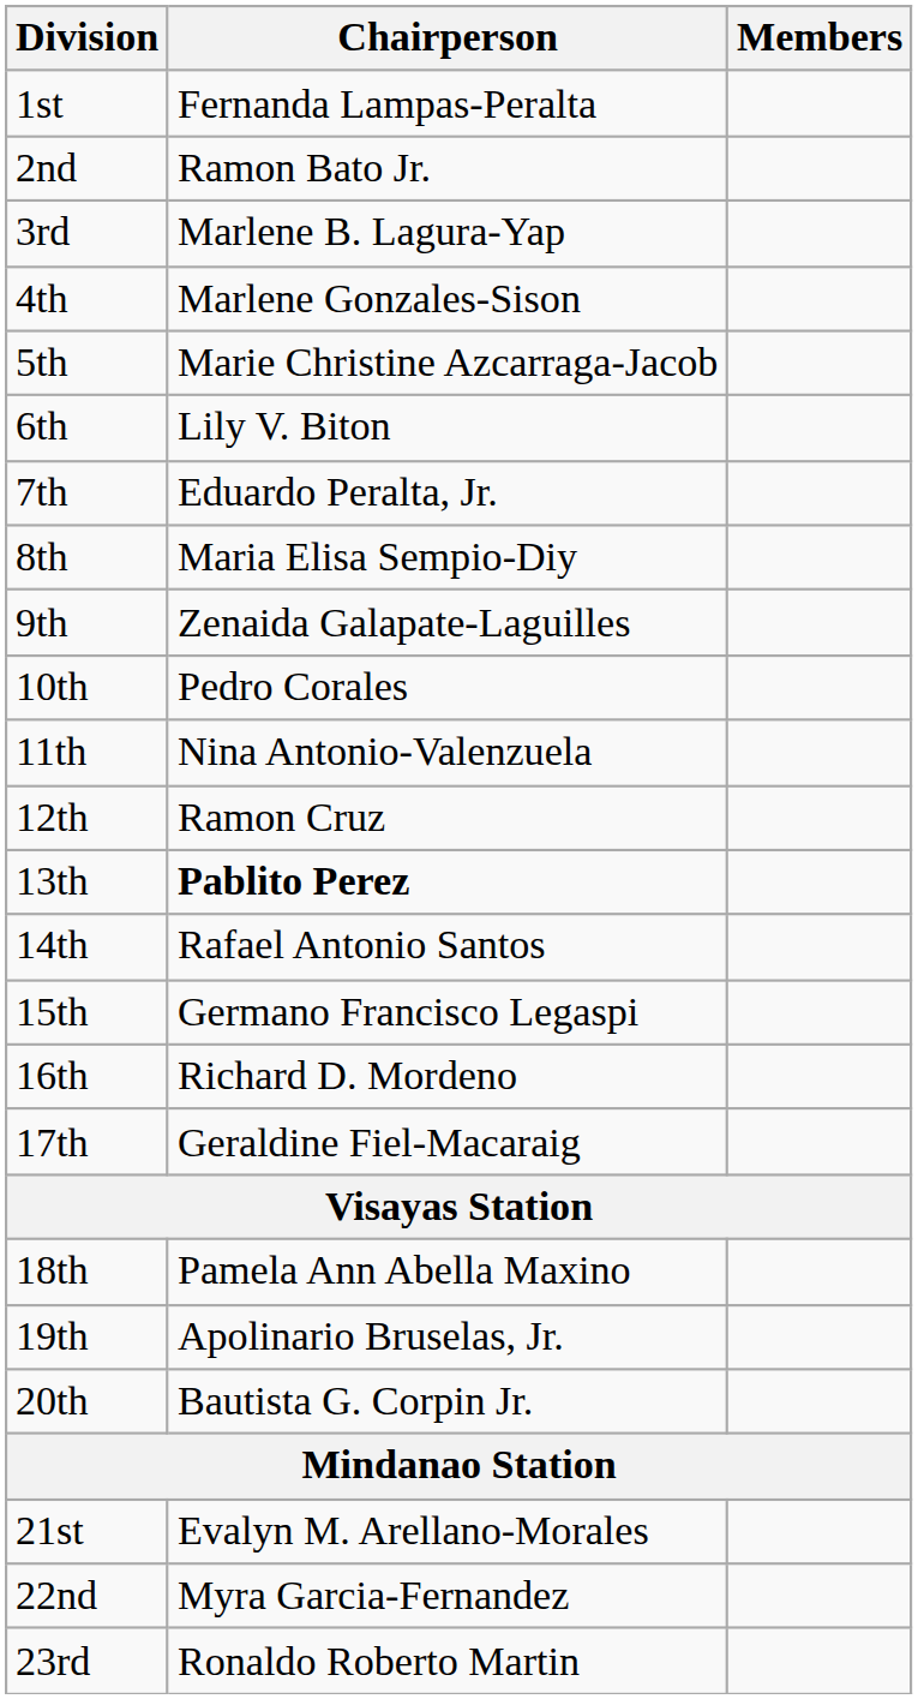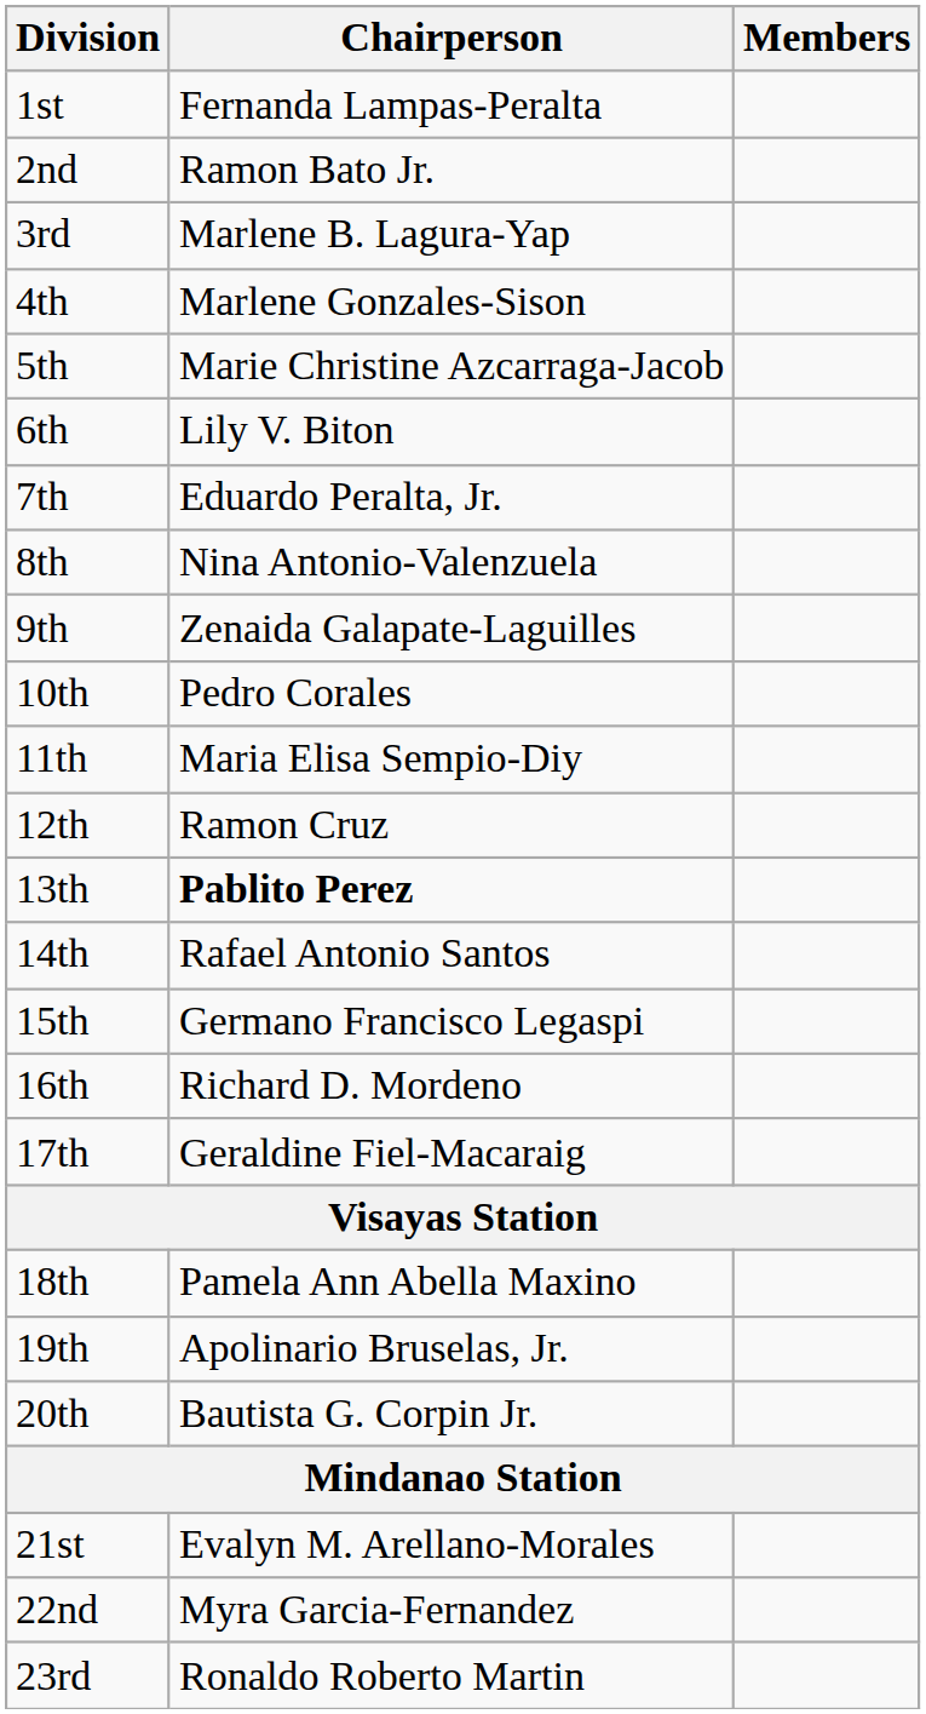 <table class="wikitable">
 <tr>
 <th>Division</th>
 <th>Chairperson</th>
 <th>Members</th>
 </tr>
 <tr>
 <td>1st</td>
 <td>Fernanda Lampas-Peralta</td>
 <td></td>
 </tr>
 <tr>
 <td>2nd</td>
 <td>Ramon Bato Jr.</td>
 <td></td>
 </tr>
 <tr>
 <td>3rd</td>
 <td>Marlene B. Lagura-Yap</td>
 <td></td>
 </tr>
 <tr>
 <td>4th</td>
 <td>Marlene Gonzales-Sison</td>
 <td></td>
 </tr>
 <tr>
 <td>5th</td>
 <td>Marie Christine Azcarraga-Jacob</td>
 <td></td>
 </tr>
 <tr>
 <td>6th</td>
 <td>Lily V. Biton</td>
 <td></td>
 </tr>
 <tr>
 <td>7th</td>
 <td>Eduardo Peralta, Jr.</td>
 <td></td>
 </tr>
 <tr>
 <td>8th</td>
-<td>Maria Elisa Sempio-Diy</td>
+<td>Nina Antonio-Valenzuela</td>
 <td></td>
 </tr>
 <tr>
 <td>9th</td>
 <td>Zenaida Galapate-Laguilles</td>
 <td></td>
 </tr>
 <tr>
 <td>10th</td>
 <td>Pedro Corales</td>
 <td></td>
 </tr>
 <tr>
 <td>11th</td>
-<td>Nina Antonio-Valenzuela</td>
+<td>Maria Elisa Sempio-Diy</td>
 <td></td>
 </tr>
 <tr>
 <td>12th</td>
 <td>Ramon Cruz</td>
 <td></td>
 </tr>
 <tr>
 <td>13th</td>
 <td><strong>Pablito Perez</strong></td>
 <td></td>
 </tr>
 <tr>
 <td>14th</td>
 <td>Rafael Antonio Santos</td>
 <td></td>
 </tr>
 <tr>
 <td>15th</td>
 <td>Germano Francisco Legaspi</td>
 <td></td>
 </tr>
 <tr>
 <td>16th</td>
 <td>Richard D. Mordeno</td>
 <td></td>
 </tr>
 <tr>
 <td>17th</td>
 <td>Geraldine Fiel-Macaraig</td>
 <td></td>
 </tr>
 <tr>
 <th colspan="3">Visayas Station</th>
 </tr>
 <tr>
 <td>18th</td>
 <td>Pamela Ann Abella Maxino<br></td>
 <td></td>
 </tr>
 <tr>
 <td>19th</td>
 <td>Apolinario Bruselas, Jr.</td>
 <td></td>
 </tr>
 <tr>
 <td>20th</td>
 <td>Bautista G. Corpin Jr.</td>
 <td></td>
 </tr>
 <tr>
 <th colspan="3">Mindanao Station</th>
 </tr>
 <tr>
 <td>21st</td>
 <td>Evalyn M. Arellano-Morales<br></td>
 <td></td>
 </tr>
 <tr>
 <td>22nd</td>
 <td>Myra Garcia-Fernandez</td>
 <td></td>
 </tr>
 <tr>
 <td>23rd</td>
 <td>Ronaldo Roberto Martin</td>
 <td></td>
 </tr>
 </table>
